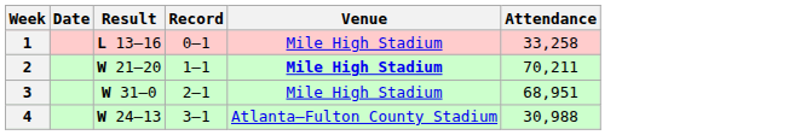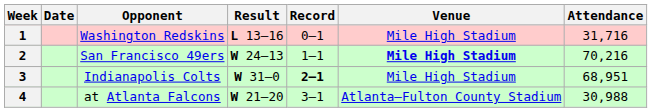 <table class="wikitable" style="text-align:center">
 <tr>
 <th>Week</th>
 <th>Date</th>
+<th>Opponent</th>
 <th>Result</th>
 <th>Record</th>
 <th>Venue</th>
 <th>Attendance</th>
 </tr>
 <tr style="background:#fcc">
 <th>1</th>
 <td></td>
+<td><a href='#'>Washington Redskins</a></td>
 <td><strong>L</strong> 13–16</td>
 <td>0–1</td>
 <td><a href='#'>Mile High Stadium</a></td>
-<td>33,258</td>
+<td>31,716</td>
 </tr>
 <tr style="background:#cfc">
 <th>2</th>
 <td></td>
-<td><strong>W</strong> 21–20</td>
+<td><a href='#'>San Francisco 49ers</a></td>
+<td><strong>W</strong> 24–13</td>
 <td>1–1</td>
 <td><strong><a href='#'>Mile High Stadium</a></strong></td>
-<td>70,211</td>
+<td>70,216</td>
 </tr>
 <tr style="background:#cfc">
 <th>3</th>
 <td></td>
+<td><a href='#'>Indianapolis Colts</a></td>
 <td><strong>W</strong> 31–0</td>
-<td>2–1</td>
+<td><strong>2–1</strong></td>
 <td><a href='#'>Mile High Stadium</a></td>
 <td>68,951</td>
 </tr>
 <tr style="background:#cfc">
 <th>4</th>
 <td></td>
-<td><strong>W</strong> 24–13</td>
+<td>at <a href='#'>Atlanta Falcons</a></td>
+<td><strong>W</strong> 21–20</td>
 <td>3–1</td>
 <td><a href='#'>Atlanta–Fulton County Stadium</a></td>
 <td>30,988</td>
 </tr>
 </table>
